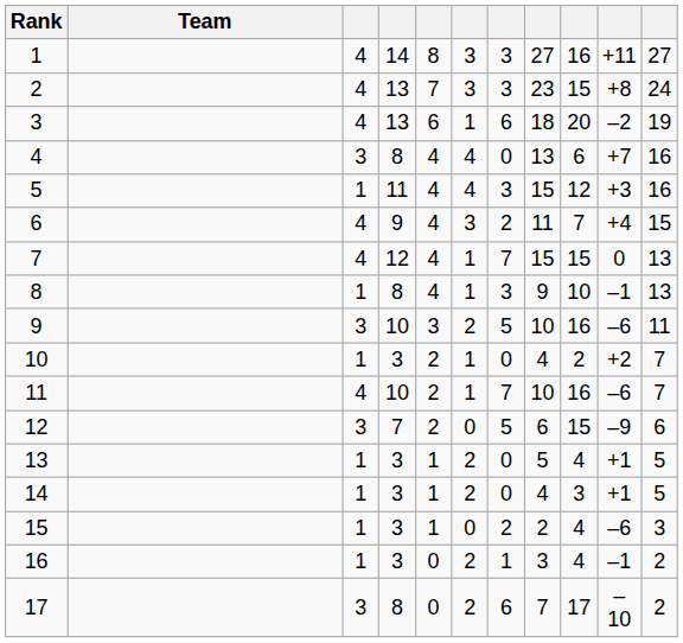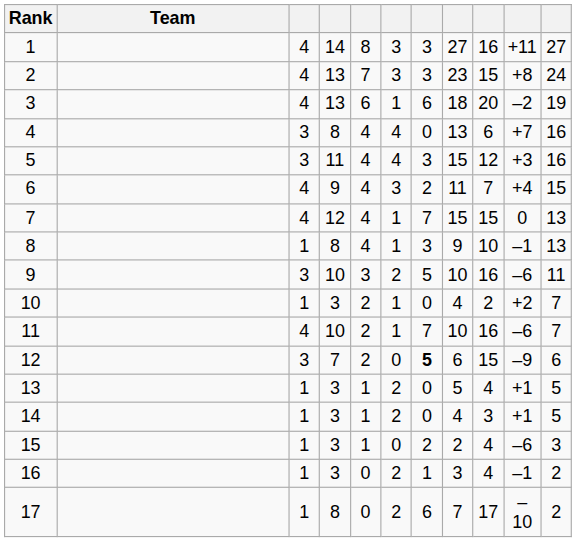 <table class="wikitable sortable" style="text-align:center">
 <tr>
 <th width=20>Rank</th>
 <th width=200>Team</th>
 <th width=20></th>
 <th width=20></th>
 <th width=20></th>
 <th width=20></th>
 <th width=20></th>
 <th width=20></th>
 <th width=20></th>
 <th width=20></th>
 <th width=20></th>
 </tr>
 <tr>
 <td>1</td>
 <td style="text-align:left"></td>
 <td>4</td>
 <td>14</td>
 <td>8</td>
 <td>3</td>
 <td>3</td>
 <td>27</td>
 <td>16</td>
 <td>+11</td>
 <td>27</td>
 </tr>
 <tr>
 <td>2</td>
 <td style="text-align:left"></td>
 <td>4</td>
 <td>13</td>
 <td>7</td>
 <td>3</td>
 <td>3</td>
 <td>23</td>
 <td>15</td>
 <td>+8</td>
 <td>24</td>
 </tr>
 <tr>
 <td>3</td>
 <td style="text-align:left"></td>
 <td>4</td>
 <td>13</td>
 <td>6</td>
 <td>1</td>
 <td>6</td>
 <td>18</td>
 <td>20</td>
 <td>–2</td>
 <td>19</td>
 </tr>
 <tr>
 <td>4</td>
 <td style="text-align:left"></td>
 <td>3</td>
 <td>8</td>
 <td>4</td>
 <td>4</td>
 <td>0</td>
 <td>13</td>
 <td>6</td>
 <td>+7</td>
 <td>16</td>
 </tr>
 <tr>
 <td>5</td>
 <td style="text-align:left"></td>
-<td>1</td>
+<td>3</td>
 <td>11</td>
 <td>4</td>
 <td>4</td>
 <td>3</td>
 <td>15</td>
 <td>12</td>
 <td>+3</td>
 <td>16</td>
 </tr>
 <tr>
 <td>6</td>
 <td style="text-align:left"></td>
 <td>4</td>
 <td>9</td>
 <td>4</td>
 <td>3</td>
 <td>2</td>
 <td>11</td>
 <td>7</td>
 <td>+4</td>
 <td>15</td>
 </tr>
 <tr>
 <td>7</td>
 <td style="text-align:left"></td>
 <td>4</td>
 <td>12</td>
 <td>4</td>
 <td>1</td>
 <td>7</td>
 <td>15</td>
 <td>15</td>
 <td>0</td>
 <td>13</td>
 </tr>
 <tr>
 <td>8</td>
 <td style="text-align:left"></td>
 <td>1</td>
 <td>8</td>
 <td>4</td>
 <td>1</td>
 <td>3</td>
 <td>9</td>
 <td>10</td>
 <td>–1</td>
 <td>13</td>
 </tr>
 <tr>
 <td>9</td>
 <td style="text-align:left"></td>
 <td>3</td>
 <td>10</td>
 <td>3</td>
 <td>2</td>
 <td>5</td>
 <td>10</td>
 <td>16</td>
 <td>–6</td>
 <td>11</td>
 </tr>
 <tr>
 <td>10</td>
 <td style="text-align:left"></td>
 <td>1</td>
 <td>3</td>
 <td>2</td>
 <td>1</td>
 <td>0</td>
 <td>4</td>
 <td>2</td>
 <td>+2</td>
 <td>7</td>
 </tr>
 <tr>
 <td>11</td>
 <td style="text-align:left"></td>
 <td>4</td>
 <td>10</td>
 <td>2</td>
 <td>1</td>
 <td>7</td>
 <td>10</td>
 <td>16</td>
 <td>–6</td>
 <td>7</td>
 </tr>
 <tr>
 <td>12</td>
 <td style="text-align:left"></td>
 <td>3</td>
 <td>7</td>
 <td>2</td>
 <td>0</td>
-<td>5</td>
+<td><strong>5</strong></td>
 <td>6</td>
 <td>15</td>
 <td>–9</td>
 <td>6</td>
 </tr>
 <tr>
 <td>13</td>
 <td style="text-align:left"></td>
 <td>1</td>
 <td>3</td>
 <td>1</td>
 <td>2</td>
 <td>0</td>
 <td>5</td>
 <td>4</td>
 <td>+1</td>
 <td>5</td>
 </tr>
 <tr>
 <td>14</td>
 <td style="text-align:left"></td>
 <td>1</td>
 <td>3</td>
 <td>1</td>
 <td>2</td>
 <td>0</td>
 <td>4</td>
 <td>3</td>
 <td>+1</td>
 <td>5</td>
 </tr>
 <tr>
 <td>15</td>
 <td style="text-align:left"></td>
 <td>1</td>
 <td>3</td>
 <td>1</td>
 <td>0</td>
 <td>2</td>
 <td>2</td>
 <td>4</td>
 <td>–6</td>
 <td>3</td>
 </tr>
 <tr>
 <td>16</td>
 <td style="text-align:left"></td>
 <td>1</td>
 <td>3</td>
 <td>0</td>
 <td>2</td>
 <td>1</td>
 <td>3</td>
 <td>4</td>
 <td>–1</td>
 <td>2</td>
 </tr>
 <tr>
 <td>17</td>
 <td style="text-align:left"></td>
-<td>3</td>
+<td>1</td>
 <td>8</td>
 <td>0</td>
 <td>2</td>
 <td>6</td>
 <td>7</td>
 <td>17</td>
 <td>–10</td>
 <td>2</td>
 </tr>
 </table>
